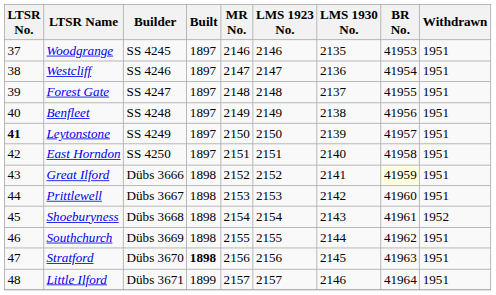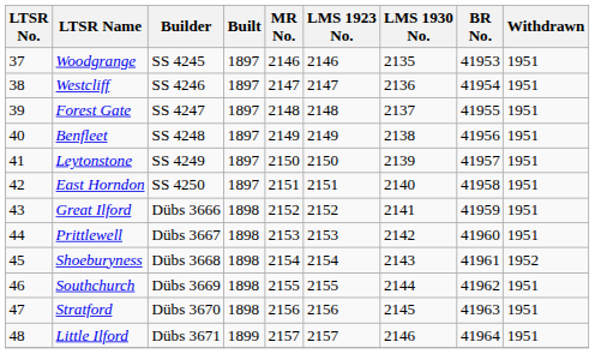 <table class="wikitable sortable">
 <tr>
 <th>LTSR<br>No.</th>
 <th>LTSR Name</th>
 <th>Builder</th>
 <th>Built</th>
 <th>MR<br>No.</th>
 <th>LMS 1923<br>No.</th>
 <th>LMS 1930<br>No.</th>
 <th>BR<br>No.</th>
 <th>Withdrawn</th>
 </tr>
 <tr>
 <td>37</td>
 <td><em><a href='#'>Woodgrange</a></em></td>
 <td>SS 4245</td>
 <td>1897</td>
 <td>2146</td>
 <td>2146</td>
 <td>2135</td>
 <td>41953</td>
 <td>1951</td>
 </tr>
 <tr>
 <td>38</td>
 <td><em><a href='#'>Westcliff</a></em></td>
 <td>SS 4246</td>
 <td>1897</td>
 <td>2147</td>
 <td>2147</td>
 <td>2136</td>
 <td>41954</td>
 <td>1951</td>
 </tr>
 <tr>
 <td>39</td>
 <td><em><a href='#'>Forest Gate</a></em></td>
 <td>SS 4247</td>
 <td>1897</td>
 <td>2148</td>
 <td>2148</td>
 <td>2137</td>
 <td>41955</td>
 <td>1951</td>
 </tr>
 <tr>
 <td>40</td>
 <td><em><a href='#'>Benfleet</a></em></td>
 <td>SS 4248</td>
 <td>1897</td>
 <td>2149</td>
 <td>2149</td>
 <td>2138</td>
 <td>41956</td>
 <td>1951</td>
 </tr>
 <tr>
-<td><strong>41</strong></td>
+<td>41</td>
 <td><em><a href='#'>Leytonstone</a></em></td>
 <td>SS 4249</td>
 <td>1897</td>
 <td>2150</td>
 <td>2150</td>
 <td>2139</td>
 <td>41957</td>
 <td>1951</td>
 </tr>
 <tr>
 <td>42</td>
 <td><em><a href='#'>East Horndon</a></em></td>
 <td>SS 4250</td>
 <td>1897</td>
 <td>2151</td>
 <td>2151</td>
 <td>2140</td>
 <td>41958</td>
 <td>1951</td>
 </tr>
 <tr>
 <td>43</td>
 <td><em><a href='#'>Great Ilford</a></em></td>
 <td>Dübs 3666</td>
 <td>1898</td>
 <td>2152</td>
 <td>2152</td>
 <td>2141</td>
-<td style="background: lightyellow;">41959</td>
+<td>41959</td>
 <td>1951</td>
 </tr>
 <tr>
 <td>44</td>
 <td><em><a href='#'>Prittlewell</a></em></td>
 <td>Dübs 3667</td>
 <td>1898</td>
 <td>2153</td>
 <td>2153</td>
 <td>2142</td>
 <td>41960</td>
 <td>1951</td>
 </tr>
 <tr>
 <td>45</td>
 <td><em><a href='#'>Shoeburyness</a></em></td>
 <td>Dübs 3668</td>
 <td>1898</td>
 <td>2154</td>
 <td>2154</td>
 <td>2143</td>
 <td>41961</td>
 <td>1952</td>
 </tr>
 <tr>
 <td>46</td>
 <td><em><a href='#'>Southchurch</a></em></td>
 <td>Dübs 3669</td>
 <td>1898</td>
 <td>2155</td>
 <td>2155</td>
 <td>2144</td>
 <td>41962</td>
 <td>1951</td>
 </tr>
 <tr>
 <td>47</td>
 <td><em><a href='#'>Stratford</a></em></td>
 <td>Dübs 3670</td>
-<td><strong>1898</strong></td>
+<td>1898</td>
 <td>2156</td>
 <td>2156</td>
 <td>2145</td>
 <td>41963</td>
 <td>1951</td>
 </tr>
 <tr>
 <td>48</td>
 <td><em><a href='#'>Little Ilford</a></em></td>
 <td>Dübs 3671</td>
 <td>1899</td>
 <td>2157</td>
 <td>2157</td>
 <td>2146</td>
 <td>41964</td>
 <td>1951</td>
 </tr>
 <tr>
 </tr>
 </table>
